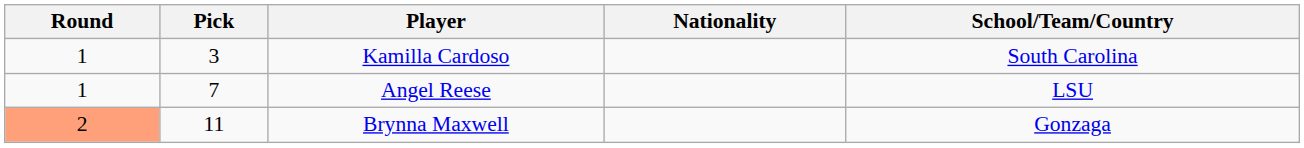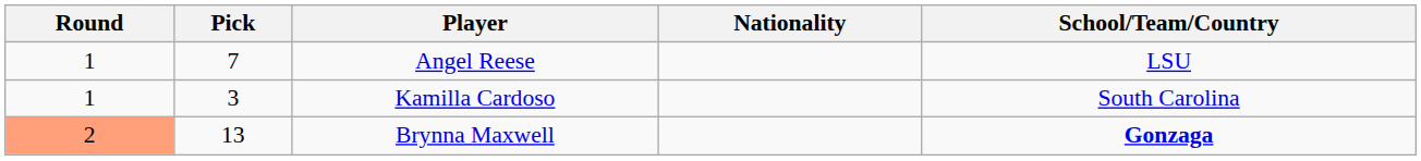 <table class="wikitable" style="text-align:center; width:60em">
 <tr>
 <th>Round</th>
 <th>Pick</th>
 <th>Player</th>
 <th>Nationality</th>
 <th>School/Team/Country</th>
 </tr>
 <tr>
 <td>1</td>
+<td>7</td>
+<td><a href='#'>Angel Reese</a></td>
+<td></td>
+<td><a href='#'>LSU</a></td>
+</tr>
+<tr>
+<td>1</td>
 <td>3</td>
 <td><a href='#'>Kamilla Cardoso</a></td>
 <td></td>
 <td><a href='#'>South Carolina</a></td>
 </tr>
 <tr>
-<td>1</td>
-<td>7</td>
-<td><a href='#'>Angel Reese</a></td>
-<td></td>
-<td><a href='#'>LSU</a></td>
-</tr>
-<tr>
 <td style="background: lightsalmon;">2</td>
-<td>11</td>
+<td>13</td>
 <td><a href='#'>Brynna Maxwell</a></td>
 <td></td>
-<td><a href='#'>Gonzaga</a></td>
+<td><strong><a href='#'>Gonzaga</a></strong></td>
 </tr>
 </table>
